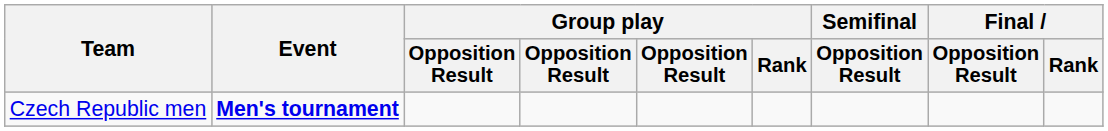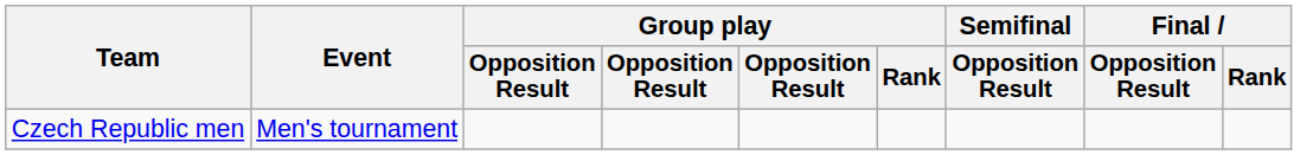 <table class=wikitable style=font-size:90%;text-align:center>
 <tr>
 <th rowspan=2>Team</th>
 <th rowspan=2>Event</th>
 <th colspan=4>Group play</th>
 <th>Semifinal</th>
 <th colspan=2>Final / </th>
 </tr>
 <tr style=font-size:95%>
 <th>Opposition<br>Result</th>
 <th>Opposition<br>Result</th>
 <th>Opposition<br>Result</th>
 <th>Rank</th>
 <th>Opposition<br>Result</th>
 <th>Opposition<br>Result</th>
 <th>Rank</th>
 </tr>
 <tr>
 <td align=left><a href='#'>Czech Republic men</a></td>
-<td align=left><strong><a href='#'>Men's tournament</a></strong></td>
+<td align=left><a href='#'>Men's tournament</a></td>
 <td></td>
 <td></td>
 <td></td>
 <td></td>
 <td></td>
 <td></td>
 <td></td>
 </tr>
 </table>
